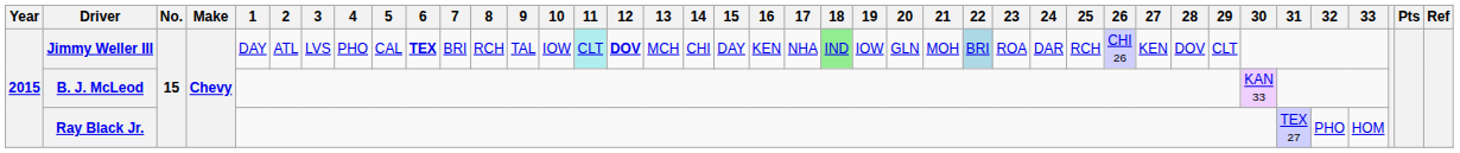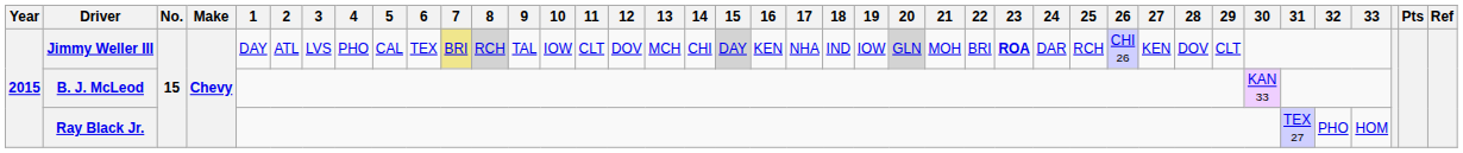 <table class="wikitable" style="text-align:center; font-size:75%">
 <tr>
 <th>Year</th>
 <th>Driver</th>
 <th>No.</th>
 <th>Make</th>
 <th>1</th>
 <th>2</th>
 <th>3</th>
 <th>4</th>
 <th>5</th>
 <th>6</th>
 <th>7</th>
 <th>8</th>
 <th>9</th>
 <th>10</th>
 <th>11</th>
 <th>12</th>
 <th>13</th>
 <th>14</th>
 <th>15</th>
 <th>16</th>
 <th>17</th>
 <th>18</th>
 <th>19</th>
 <th>20</th>
 <th>21</th>
 <th>22</th>
 <th>23</th>
 <th>24</th>
 <th>25</th>
 <th>26</th>
 <th>27</th>
 <th>28</th>
 <th>29</th>
 <th>30</th>
 <th>31</th>
 <th>32</th>
 <th>33</th>
 <th></th>
 <th>Pts</th>
 <th>Ref</th>
 </tr>
 <tr>
 <th rowspan=3><a href='#'>2015</a></th>
 <th><a href='#'>Jimmy Weller III</a></th>
 <th rowspan=3>15</th>
 <th rowspan=3><a href='#'>Chevy</a></th>
 <td><a href='#'>DAY</a></td>
 <td><a href='#'>ATL</a></td>
 <td><a href='#'>LVS</a></td>
 <td><a href='#'>PHO</a></td>
 <td><a href='#'>CAL</a></td>
-<td><strong><a href='#'>TEX</a></strong></td>
-<td><a href='#'>BRI</a></td>
-<td><a href='#'>RCH</a></td>
+<td><a href='#'>TEX</a></td>
+<td style="background: khaki;"><a href='#'>BRI</a></td>
+<td style="background: lightgrey;"><a href='#'>RCH</a></td>
 <td><a href='#'>TAL</a></td>
 <td><a href='#'>IOW</a></td>
-<td style="background: paleturquoise;"><a href='#'>CLT</a></td>
-<td><strong><a href='#'>DOV</a></strong></td>
+<td><a href='#'>CLT</a></td>
+<td><a href='#'>DOV</a></td>
 <td><a href='#'>MCH</a></td>
 <td><a href='#'>CHI</a></td>
-<td><a href='#'>DAY</a></td>
+<td style="background: lightgrey;"><a href='#'>DAY</a></td>
 <td><a href='#'>KEN</a></td>
 <td><a href='#'>NHA</a></td>
-<td style="background: lightgreen;"><a href='#'>IND</a></td>
+<td><a href='#'>IND</a></td>
 <td><a href='#'>IOW</a></td>
-<td><a href='#'>GLN</a></td>
+<td style="background: lightgrey;"><a href='#'>GLN</a></td>
 <td><a href='#'>MOH</a></td>
-<td style="background: lightblue;"><a href='#'>BRI</a></td>
-<td><a href='#'>ROA</a></td>
+<td><a href='#'>BRI</a></td>
+<td><strong><a href='#'>ROA</a></strong></td>
 <td><a href='#'>DAR</a></td>
 <td><a href='#'>RCH</a></td>
 <td style="background:#CFCFFF;"><a href='#'>CHI</a><br><small>26</small></td>
 <td><a href='#'>KEN</a></td>
 <td><a href='#'>DOV</a></td>
 <td><a href='#'>CLT</a></td>
 <td colspan=4></td>
 <th rowspan=3></th>
 <th rowspan=3></th>
 <th rowspan=3></th>
 </tr>
 <tr>
 <th><a href='#'>B. J. McLeod</a></th>
 <td colspan=29></td>
 <td style="background:#EFCFFF;"><a href='#'>KAN</a><br><small>33</small></td>
 <td colspan=3></td>
 </tr>
 <tr>
 <th><a href='#'>Ray Black Jr.</a></th>
 <td colspan=30></td>
 <td style="background:#CFCFFF;"><a href='#'>TEX</a><br><small>27</small></td>
 <td><a href='#'>PHO</a></td>
 <td><a href='#'>HOM</a></td>
 </tr>
 </table>
